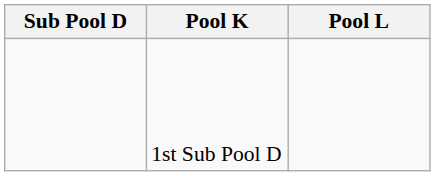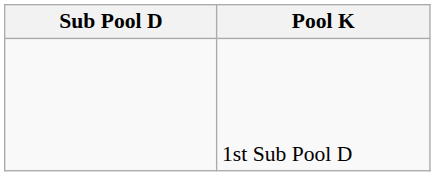 <table class="wikitable">
 <tr>
 <th width=33%>Sub Pool D</th>
 <th width=33%>Pool K</th>
-<th width=33%>Pool L</th>
 </tr>
 <tr>
 <td valign=top><br><br> <br> </td>
 <td><br><br> <br> <br> 1st Sub Pool D</td>
-<td><br><br> <br> <br> </td>
 </tr>
 </table>
